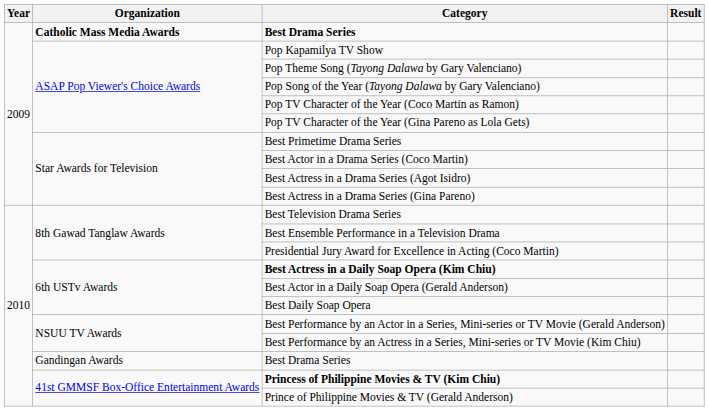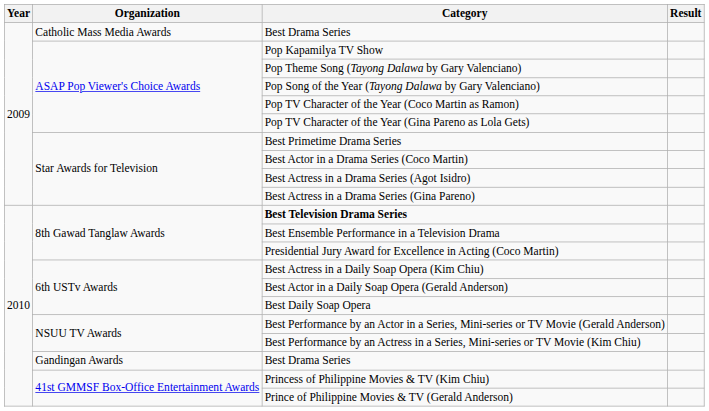 <table class="wikitable">
 <tr>
 <th>Year</th>
 <th>Organization</th>
 <th>Category</th>
 <th>Result</th>
 </tr>
 <tr>
 <td rowspan=10>2009</td>
-<td><strong>Catholic Mass Media Awards</strong></td>
-<td><strong>Best Drama Series</strong></td>
+<td>Catholic Mass Media Awards</td>
+<td>Best Drama Series</td>
 <td></td>
 </tr>
 <tr>
 <td rowspan=5><a href='#'>ASAP Pop Viewer's Choice Awards</a></td>
 <td>Pop Kapamilya TV Show</td>
 <td></td>
 </tr>
 <tr>
 <td>Pop Theme Song (<em>Tayong Dalawa</em> by Gary Valenciano)</td>
 <td></td>
 </tr>
 <tr>
 <td>Pop Song of the Year (<em>Tayong Dalawa</em> by Gary Valenciano)</td>
 <td></td>
 </tr>
 <tr>
 <td>Pop TV Character of the Year (Coco Martin as Ramon)</td>
 <td></td>
 </tr>
 <tr>
 <td>Pop TV Character of the Year (Gina Pareno as Lola Gets)</td>
 <td></td>
 </tr>
 <tr>
 <td rowspan=4>Star Awards for Television</td>
 <td>Best Primetime Drama Series</td>
 <td></td>
 </tr>
 <tr>
 <td>Best Actor in a Drama Series (Coco Martin)</td>
 <td></td>
 </tr>
 <tr>
 <td>Best Actress in a Drama Series (Agot Isidro)</td>
 <td></td>
 </tr>
 <tr>
 <td>Best Actress in a Drama Series (Gina Pareno)</td>
 <td></td>
 </tr>
 <tr>
 <td rowspan=11>2010</td>
 <td rowspan=3>8th Gawad Tanglaw Awards</td>
-<td>Best Television Drama Series</td>
+<td><strong>Best Television Drama Series</strong></td>
 <td></td>
 </tr>
 <tr>
 <td>Best Ensemble Performance in a Television Drama</td>
 <td></td>
 </tr>
 <tr>
 <td>Presidential Jury Award for Excellence in Acting (Coco Martin)</td>
 <td></td>
 </tr>
 <tr>
 <td rowspan=3>6th USTv Awards</td>
-<td><strong>Best Actress in a Daily Soap Opera (Kim Chiu)</strong></td>
+<td>Best Actress in a Daily Soap Opera (Kim Chiu)</td>
 <td></td>
 </tr>
 <tr>
 <td>Best Actor in a Daily Soap Opera (Gerald Anderson)</td>
 <td></td>
 </tr>
 <tr>
 <td>Best Daily Soap Opera</td>
 <td></td>
 </tr>
 <tr>
 <td rowspan=2>NSUU TV Awards</td>
 <td>Best Performance by an Actor in a Series, Mini-series or TV Movie (Gerald Anderson)</td>
 <td></td>
 </tr>
 <tr>
 <td>Best Performance by an Actress in a Series, Mini-series or TV Movie (Kim Chiu)</td>
 <td></td>
 </tr>
 <tr>
 <td>Gandingan Awards</td>
 <td>Best Drama Series</td>
 <td></td>
 </tr>
 <tr>
 <td rowspan=2><a href='#'>41st GMMSF Box-Office Entertainment Awards</a></td>
-<td><strong>Princess of Philippine Movies & TV (Kim Chiu)</strong></td>
+<td>Princess of Philippine Movies & TV (Kim Chiu)</td>
 <td></td>
 </tr>
 <tr>
 <td>Prince of Philippine Movies & TV (Gerald Anderson)</td>
 <td></td>
 </tr>
 </table>
